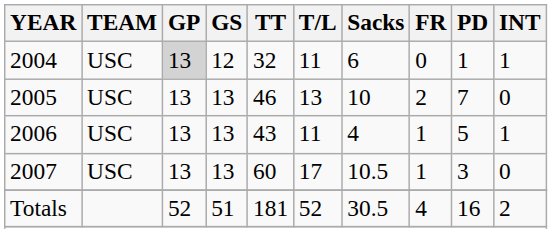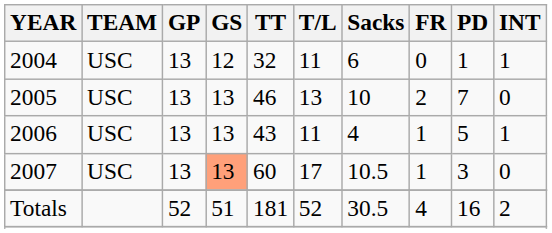 <table class="wikitable">
 <tr>
 <th>YEAR</th>
 <th>TEAM</th>
 <th>GP</th>
 <th>GS</th>
 <th>TT</th>
 <th>T/L</th>
 <th>Sacks</th>
 <th>FR</th>
 <th>PD</th>
 <th>INT</th>
 </tr>
 <tr>
 <td>2004</td>
 <td>USC</td>
-<td style="background: lightgrey;">13</td>
+<td>13</td>
 <td>12</td>
 <td>32</td>
 <td>11</td>
 <td>6</td>
 <td>0</td>
 <td>1</td>
 <td>1</td>
 </tr>
 <tr>
 <td>2005</td>
 <td>USC</td>
 <td>13</td>
 <td>13</td>
 <td>46</td>
 <td>13</td>
 <td>10</td>
 <td>2</td>
 <td>7</td>
 <td>0</td>
 </tr>
 <tr>
 <td>2006</td>
 <td>USC</td>
 <td>13</td>
 <td>13</td>
 <td>43</td>
 <td>11</td>
 <td>4</td>
 <td>1</td>
 <td>5</td>
 <td>1</td>
 </tr>
 <tr>
 <td>2007</td>
 <td>USC</td>
 <td>13</td>
-<td>13</td>
+<td style="background: lightsalmon;">13</td>
 <td>60</td>
 <td>17</td>
 <td>10.5</td>
 <td>1</td>
 <td>3</td>
 <td>0</td>
 </tr>
 <tr>
 </tr>
 <tr>
 <td>Totals</td>
 <td></td>
 <td>52</td>
 <td>51</td>
 <td>181</td>
 <td>52</td>
 <td>30.5</td>
 <td>4</td>
 <td>16</td>
 <td>2</td>
 </tr>
 <tr>
 </tr>
 <tr>
 </tr>
 </table>
